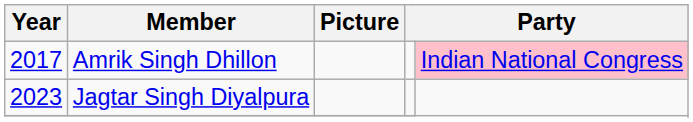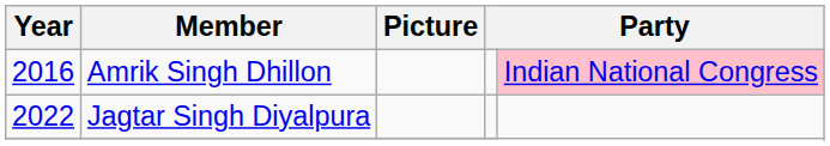 <table class="wikitable sortable">
 <tr>
 <th>Year</th>
 <th>Member</th>
 <th>Picture</th>
 <th colspan="2">Party</th>
 </tr>
 <tr>
-<td><a href='#'>2017</a></td>
+<td><a href='#'>2016</a></td>
 <td><a href='#'>Amrik Singh Dhillon</a></td>
 <td></td>
 <td style="background-color: "></td>
 <td style="background: pink;"><a href='#'>Indian National Congress</a></td>
 </tr>
 <tr>
-<td><a href='#'>2023</a></td>
+<td><a href='#'>2022</a></td>
 <td><a href='#'>Jagtar Singh Diyalpura</a></td>
 <td></td>
 <td></td>
 </tr>
 <tr>
 </tr>
 </table>
